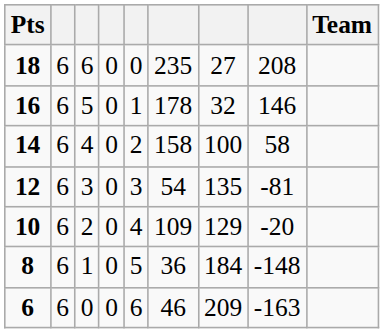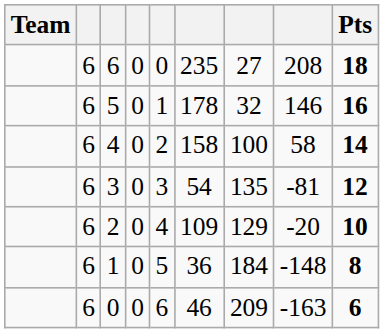 <table class="wikitable" style="text-align: center;">
 <tr>
-<th>Pts</th>
+<th>Team</th>
 <th></th>
 <th></th>
 <th></th>
 <th></th>
 <th></th>
 <th></th>
 <th></th>
-<th>Team</th>
+<th>Pts</th>
 </tr>
 <tr>
-<td><strong>18</strong></td>
+<td align="left"></td>
 <td>6</td>
 <td>6</td>
 <td>0</td>
 <td>0</td>
 <td>235</td>
 <td>27</td>
 <td>208</td>
-<td align="left"></td>
+<td><strong>18</strong></td>
 </tr>
 <tr>
-<td><strong>16</strong></td>
+<td align="left"></td>
 <td>6</td>
 <td>5</td>
 <td>0</td>
 <td>1</td>
 <td>178</td>
 <td>32</td>
 <td>146</td>
-<td align="left"></td>
+<td><strong>16</strong></td>
 </tr>
 <tr>
-<td><strong>14</strong></td>
+<td align="left"></td>
 <td>6</td>
 <td>4</td>
 <td>0</td>
 <td>2</td>
 <td>158</td>
 <td>100</td>
 <td>58</td>
-<td align="left"></td>
+<td><strong>14</strong></td>
 </tr>
 <tr>
-<td><strong>12</strong></td>
+<td align="left"></td>
 <td>6</td>
 <td>3</td>
 <td>0</td>
 <td>3</td>
 <td>54</td>
 <td>135</td>
 <td>-81</td>
-<td align="left"></td>
+<td><strong>12</strong></td>
 </tr>
 <tr>
-<td><strong>10</strong></td>
+<td align="left"></td>
 <td>6</td>
 <td>2</td>
 <td>0</td>
 <td>4</td>
 <td>109</td>
 <td>129</td>
 <td>-20</td>
-<td align="left"></td>
+<td><strong>10</strong></td>
 </tr>
 <tr>
-<td><strong>8</strong></td>
+<td align="left"></td>
 <td>6</td>
 <td>1</td>
 <td>0</td>
 <td>5</td>
 <td>36</td>
 <td>184</td>
 <td>-148</td>
-<td align="left"></td>
+<td><strong>8</strong></td>
 </tr>
 <tr>
-<td><strong>6</strong></td>
+<td align="left"></td>
 <td>6</td>
 <td>0</td>
 <td>0</td>
 <td>6</td>
 <td>46</td>
 <td>209</td>
 <td>-163</td>
-<td align="left"></td>
+<td><strong>6</strong></td>
 </tr>
 </table>
